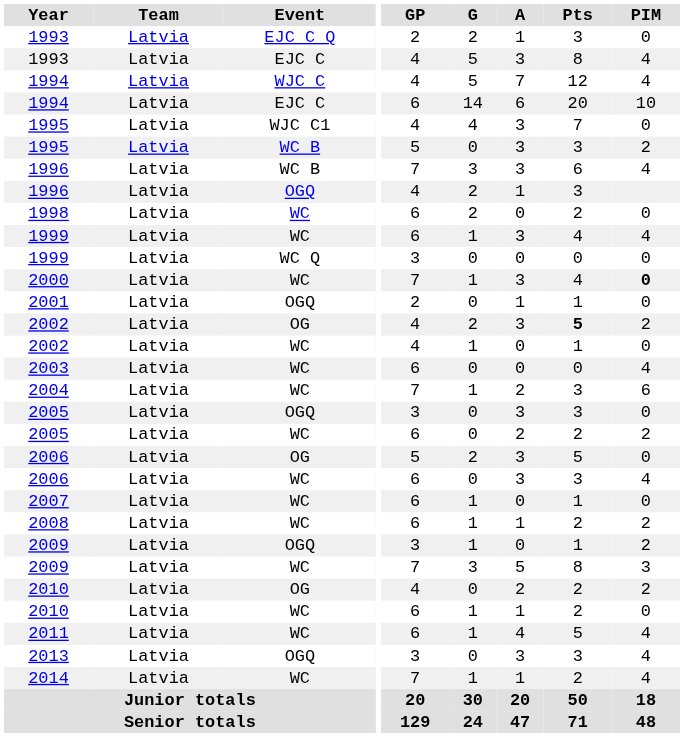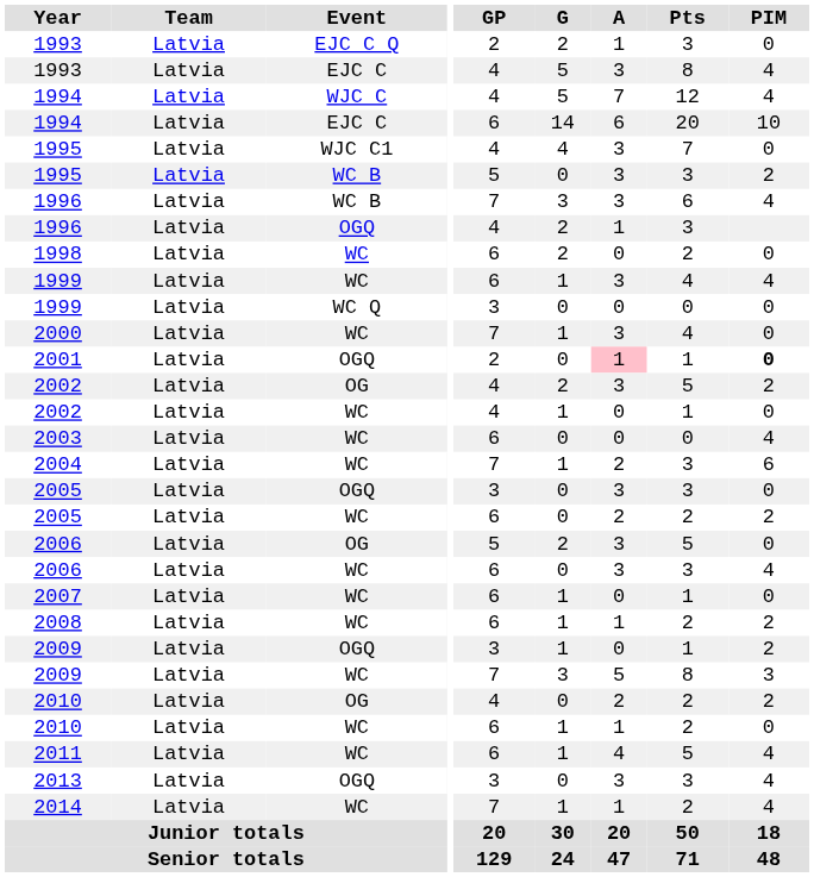 <table border="0" cellpadding="1" cellspacing="0" ID="Table3" style="text-align:center; width:40em">
 <tr ALIGN="center" bgcolor="#e0e0e0">
 <th>Year</th>
 <th>Team</th>
 <th>Event</th>
 <th rowspan="99" bgcolor="#ffffff"></th>
 <th>GP</th>
 <th>G</th>
 <th>A</th>
 <th>Pts</th>
 <th>PIM</th>
 </tr>
 <tr>
 <td><a href='#'>1993</a></td>
 <td><a href='#'>Latvia</a></td>
 <td><a href='#'>EJC C Q</a></td>
 <td>2</td>
 <td>2</td>
 <td>1</td>
 <td>3</td>
 <td>0</td>
 </tr>
 <tr bgcolor="#f0f0f0">
 <td>1993</td>
 <td>Latvia</td>
 <td>EJC C</td>
 <td>4</td>
 <td>5</td>
 <td>3</td>
 <td>8</td>
 <td>4</td>
 </tr>
 <tr>
 <td><a href='#'>1994</a></td>
 <td><a href='#'>Latvia</a></td>
 <td><a href='#'>WJC C</a></td>
 <td>4</td>
 <td>5</td>
 <td>7</td>
 <td>12</td>
 <td>4</td>
 </tr>
 <tr bgcolor="#f0f0f0">
 <td><a href='#'>1994</a></td>
 <td>Latvia</td>
 <td>EJC C</td>
 <td>6</td>
 <td>14</td>
 <td>6</td>
 <td>20</td>
 <td>10</td>
 </tr>
 <tr>
 <td><a href='#'>1995</a></td>
 <td>Latvia</td>
 <td>WJC C1</td>
 <td>4</td>
 <td>4</td>
 <td>3</td>
 <td>7</td>
 <td>0</td>
 </tr>
 <tr bgcolor="#f0f0f0">
 <td><a href='#'>1995</a></td>
 <td><a href='#'>Latvia</a></td>
 <td><a href='#'>WC B</a></td>
 <td>5</td>
 <td>0</td>
 <td>3</td>
 <td>3</td>
 <td>2</td>
 </tr>
 <tr>
 <td><a href='#'>1996</a></td>
 <td>Latvia</td>
 <td>WC B</td>
 <td>7</td>
 <td>3</td>
 <td>3</td>
 <td>6</td>
 <td>4</td>
 </tr>
 <tr bgcolor="#f0f0f0">
 <td><a href='#'>1996</a></td>
 <td>Latvia</td>
 <td><a href='#'>OGQ</a></td>
 <td>4</td>
 <td>2</td>
 <td>1</td>
 <td>3</td>
 <td></td>
 </tr>
 <tr>
 <td><a href='#'>1998</a></td>
 <td>Latvia</td>
 <td><a href='#'>WC</a></td>
 <td>6</td>
 <td>2</td>
 <td>0</td>
 <td>2</td>
 <td>0</td>
 </tr>
 <tr bgcolor="#f0f0f0">
 <td><a href='#'>1999</a></td>
 <td>Latvia</td>
 <td>WC</td>
 <td>6</td>
 <td>1</td>
 <td>3</td>
 <td>4</td>
 <td>4</td>
 </tr>
 <tr>
 <td><a href='#'>1999</a></td>
 <td>Latvia</td>
 <td>WC Q</td>
 <td>3</td>
 <td>0</td>
 <td>0</td>
 <td>0</td>
 <td>0</td>
 </tr>
 <tr bgcolor="#f0f0f0">
 <td><a href='#'>2000</a></td>
 <td>Latvia</td>
 <td>WC</td>
 <td>7</td>
 <td>1</td>
 <td>3</td>
 <td>4</td>
-<td><strong>0</strong></td>
+<td>0</td>
 </tr>
 <tr>
 <td><a href='#'>2001</a></td>
 <td>Latvia</td>
 <td>OGQ</td>
 <td>2</td>
 <td>0</td>
+<td style="background: pink;">1</td>
 <td>1</td>
-<td>1</td>
-<td>0</td>
+<td><strong>0</strong></td>
 </tr>
 <tr bgcolor="#f0f0f0">
 <td><a href='#'>2002</a></td>
 <td>Latvia</td>
 <td>OG</td>
 <td>4</td>
 <td>2</td>
 <td>3</td>
-<td><strong>5</strong></td>
+<td>5</td>
 <td>2</td>
 </tr>
 <tr>
 <td><a href='#'>2002</a></td>
 <td>Latvia</td>
 <td>WC</td>
 <td>4</td>
 <td>1</td>
 <td>0</td>
 <td>1</td>
 <td>0</td>
 </tr>
 <tr bgcolor="#f0f0f0">
 <td><a href='#'>2003</a></td>
 <td>Latvia</td>
 <td>WC</td>
 <td>6</td>
 <td>0</td>
 <td>0</td>
 <td>0</td>
 <td>4</td>
 </tr>
 <tr>
 <td><a href='#'>2004</a></td>
 <td>Latvia</td>
 <td>WC</td>
 <td>7</td>
 <td>1</td>
 <td>2</td>
 <td>3</td>
 <td>6</td>
 </tr>
 <tr bgcolor="#f0f0f0">
 <td><a href='#'>2005</a></td>
 <td>Latvia</td>
 <td>OGQ</td>
 <td>3</td>
 <td>0</td>
 <td>3</td>
 <td>3</td>
 <td>0</td>
 </tr>
 <tr>
 <td><a href='#'>2005</a></td>
 <td>Latvia</td>
 <td>WC</td>
 <td>6</td>
 <td>0</td>
 <td>2</td>
 <td>2</td>
 <td>2</td>
 </tr>
 <tr bgcolor="#f0f0f0">
 <td><a href='#'>2006</a></td>
 <td>Latvia</td>
 <td>OG</td>
 <td>5</td>
 <td>2</td>
 <td>3</td>
 <td>5</td>
 <td>0</td>
 </tr>
 <tr>
 <td><a href='#'>2006</a></td>
 <td>Latvia</td>
 <td>WC</td>
 <td>6</td>
 <td>0</td>
 <td>3</td>
 <td>3</td>
 <td>4</td>
 </tr>
 <tr bgcolor="#f0f0f0">
 <td><a href='#'>2007</a></td>
 <td>Latvia</td>
 <td>WC</td>
 <td>6</td>
 <td>1</td>
 <td>0</td>
 <td>1</td>
 <td>0</td>
 </tr>
 <tr>
 <td><a href='#'>2008</a></td>
 <td>Latvia</td>
 <td>WC</td>
 <td>6</td>
 <td>1</td>
 <td>1</td>
 <td>2</td>
 <td>2</td>
 </tr>
 <tr bgcolor="#f0f0f0">
 <td><a href='#'>2009</a></td>
 <td>Latvia</td>
 <td>OGQ</td>
 <td>3</td>
 <td>1</td>
 <td>0</td>
 <td>1</td>
 <td>2</td>
 </tr>
 <tr>
 <td><a href='#'>2009</a></td>
 <td>Latvia</td>
 <td>WC</td>
 <td>7</td>
 <td>3</td>
 <td>5</td>
 <td>8</td>
 <td>3</td>
 </tr>
 <tr bgcolor="#f0f0f0">
 <td><a href='#'>2010</a></td>
 <td>Latvia</td>
 <td>OG</td>
 <td>4</td>
 <td>0</td>
 <td>2</td>
 <td>2</td>
 <td>2</td>
 </tr>
 <tr>
 <td><a href='#'>2010</a></td>
 <td>Latvia</td>
 <td>WC</td>
 <td>6</td>
 <td>1</td>
 <td>1</td>
 <td>2</td>
 <td>0</td>
 </tr>
 <tr bgcolor="#f0f0f0">
 <td><a href='#'>2011</a></td>
 <td>Latvia</td>
 <td>WC</td>
 <td>6</td>
 <td>1</td>
 <td>4</td>
 <td>5</td>
 <td>4</td>
 </tr>
 <tr>
 <td><a href='#'>2013</a></td>
 <td>Latvia</td>
 <td>OGQ</td>
 <td>3</td>
 <td>0</td>
 <td>3</td>
 <td>3</td>
 <td>4</td>
 </tr>
 <tr style="background: #f0f0f0;">
 <td><a href='#'>2014</a></td>
 <td>Latvia</td>
 <td>WC</td>
 <td>7</td>
 <td>1</td>
 <td>1</td>
 <td>2</td>
 <td>4</td>
 </tr>
 <tr style="background: #e0e0e0;">
 <th colspan="3">Junior totals</th>
 <th>20</th>
 <th>30</th>
 <th>20</th>
 <th>50</th>
 <th>18</th>
 </tr>
 <tr style="background: #e0e0e0;">
 <th colspan="3">Senior totals</th>
 <th>129</th>
 <th>24</th>
 <th>47</th>
 <th>71</th>
 <th>48</th>
 </tr>
 </table>
